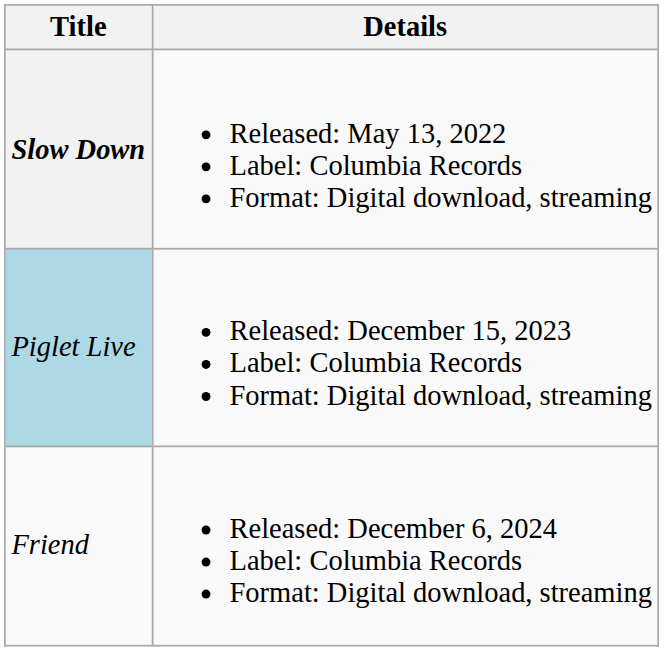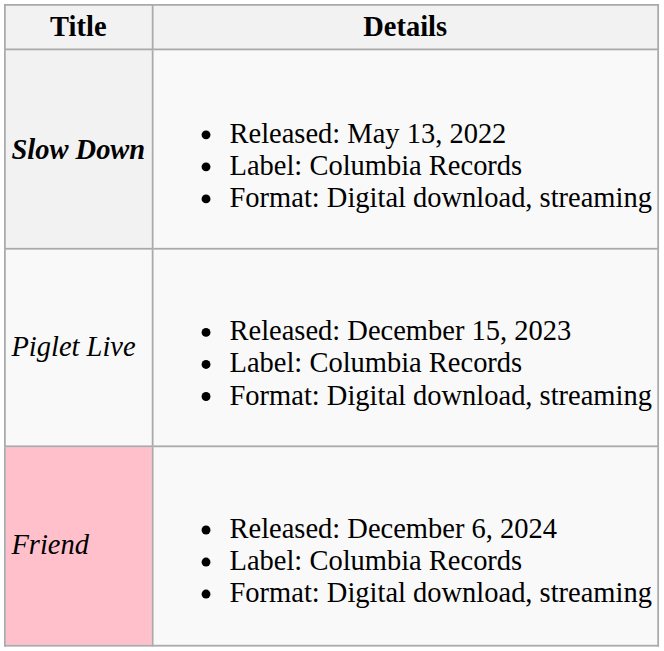 <table class="wikitable plainrowheaders">
 <tr>
 <th>Title</th>
 <th>Details</th>
 </tr>
 <tr>
 <th scope="row"><em>Slow Down</em></th>
 <td><br><ul><li>Released: May 13, 2022</li><li>Label: Columbia Records</li><li>Format: Digital download, streaming</li></ul></td>
 </tr>
 <tr>
-<td style="background: lightblue;"><em>Piglet Live</em></td>
+<td><em>Piglet Live</em></td>
 <td><br><ul><li>Released: December 15, 2023</li><li>Label: Columbia Records</li><li>Format: Digital download, streaming</li></ul></td>
 </tr>
 <tr>
-<td><em>Friend</em></td>
+<td style="background: pink;"><em>Friend</em></td>
 <td><br><ul><li>Released: December 6, 2024</li><li>Label: Columbia Records</li><li>Format: Digital download, streaming</li></ul></td>
 </tr>
 </table>
